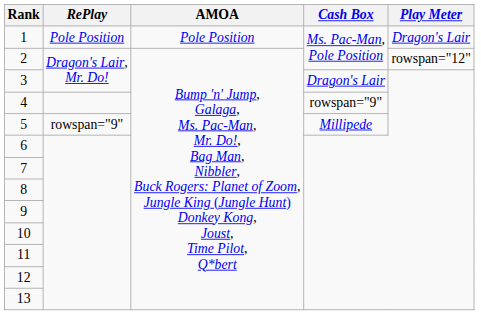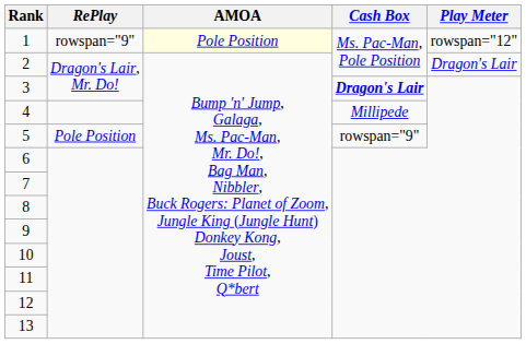 <table class="wikitable" style="text-align:center">
 <tr>
 <th>Rank</th>
 <th><em>RePlay</em></th>
 <th>AMOA</th>
 <th><em><a href='#'>Cash Box</a></em></th>
 <th><em><a href='#'>Play Meter</a></em></th>
 </tr>
 <tr>
 <td>1</td>
-<td><em><a href='#'>Pole Position</a></em></td>
-<td><em><a href='#'>Pole Position</a></em></td>
+<td>rowspan="9" </td>
+<td style="background: lightyellow;"><em><a href='#'>Pole Position</a></em></td>
 <td rowspan="2"><em><a href='#'>Ms. Pac-Man</a></em>, <br> <em><a href='#'>Pole Position</a></em></td>
-<td><em><a href='#'>Dragon's Lair</a></em></td>
+<td>rowspan="12" </td>
 </tr>
 <tr>
 <td>2</td>
 <td rowspan="2"><em><a href='#'>Dragon's Lair</a></em>, <br> <em><a href='#'>Mr. Do!</a></em></td>
 <td rowspan="12"><em><a href='#'>Bump 'n' Jump</a></em>, <br> <em><a href='#'>Galaga</a></em>, <br> <em><a href='#'>Ms. Pac-Man</a></em>, <br> <em><a href='#'>Mr. Do!</a></em>, <br> <em><a href='#'>Bag Man</a></em>, <br> <em><a href='#'>Nibbler</a></em>, <br> <em><a href='#'>Buck Rogers: Planet of Zoom</a></em>, <br> <a href='#'><em>Jungle King</em> (<em>Jungle Hunt</em>)</a> <br> <em><a href='#'>Donkey Kong</a></em>, <br> <em><a href='#'>Joust</a></em>, <br> <em><a href='#'>Time Pilot</a></em>, <br> <em><a href='#'>Q*bert</a></em></td>
-<td>rowspan="12" </td>
+<td><em><a href='#'>Dragon's Lair</a></em></td>
 </tr>
 <tr>
 <td>3</td>
-<td><em><a href='#'>Dragon's Lair</a></em></td>
+<td><strong><em><a href='#'>Dragon's Lair</a></em></strong></td>
 </tr>
 <tr>
 <td>4</td>
 <td></td>
-<td>rowspan="9" </td>
+<td><em><a href='#'>Millipede</a></em></td>
 </tr>
 <tr>
 <td>5</td>
+<td><em><a href='#'>Pole Position</a></em></td>
 <td>rowspan="9" </td>
-<td><em><a href='#'>Millipede</a></em></td>
 </tr>
 <tr>
 <td>6</td>
 </tr>
 <tr>
 <td>7</td>
 </tr>
 <tr>
 <td>8</td>
 </tr>
 <tr>
 <td>9</td>
 </tr>
 <tr>
 <td>10</td>
 </tr>
 <tr>
 <td>11</td>
 </tr>
 <tr>
 <td>12</td>
 </tr>
 <tr>
 <td>13</td>
 </tr>
 </table>
